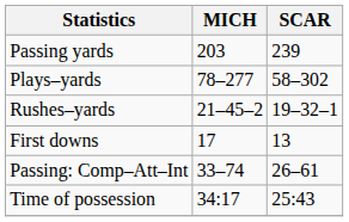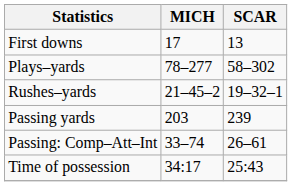 <table class="wikitable">
 <tr>
 <th>Statistics</th>
 <th>MICH</th>
 <th>SCAR</th>
 </tr>
 <tr>
-<td>Passing yards</td>
-<td>203</td>
-<td>239</td>
+<td>First downs</td>
+<td>17</td>
+<td>13</td>
 </tr>
 <tr>
 <td>Plays–yards</td>
 <td>78–277</td>
 <td>58–302</td>
 </tr>
 <tr>
 <td>Rushes–yards</td>
 <td>21–45–2</td>
 <td>19–32–1</td>
 </tr>
 <tr>
-<td>First downs</td>
-<td>17</td>
-<td>13</td>
+<td>Passing yards</td>
+<td>203</td>
+<td>239</td>
 </tr>
 <tr>
 <td>Passing: Comp–Att–Int</td>
 <td>33–74</td>
 <td>26–61</td>
 </tr>
 <tr>
 <td>Time of possession</td>
 <td>34:17</td>
 <td>25:43</td>
 </tr>
 <tr>
 </tr>
 </table>
